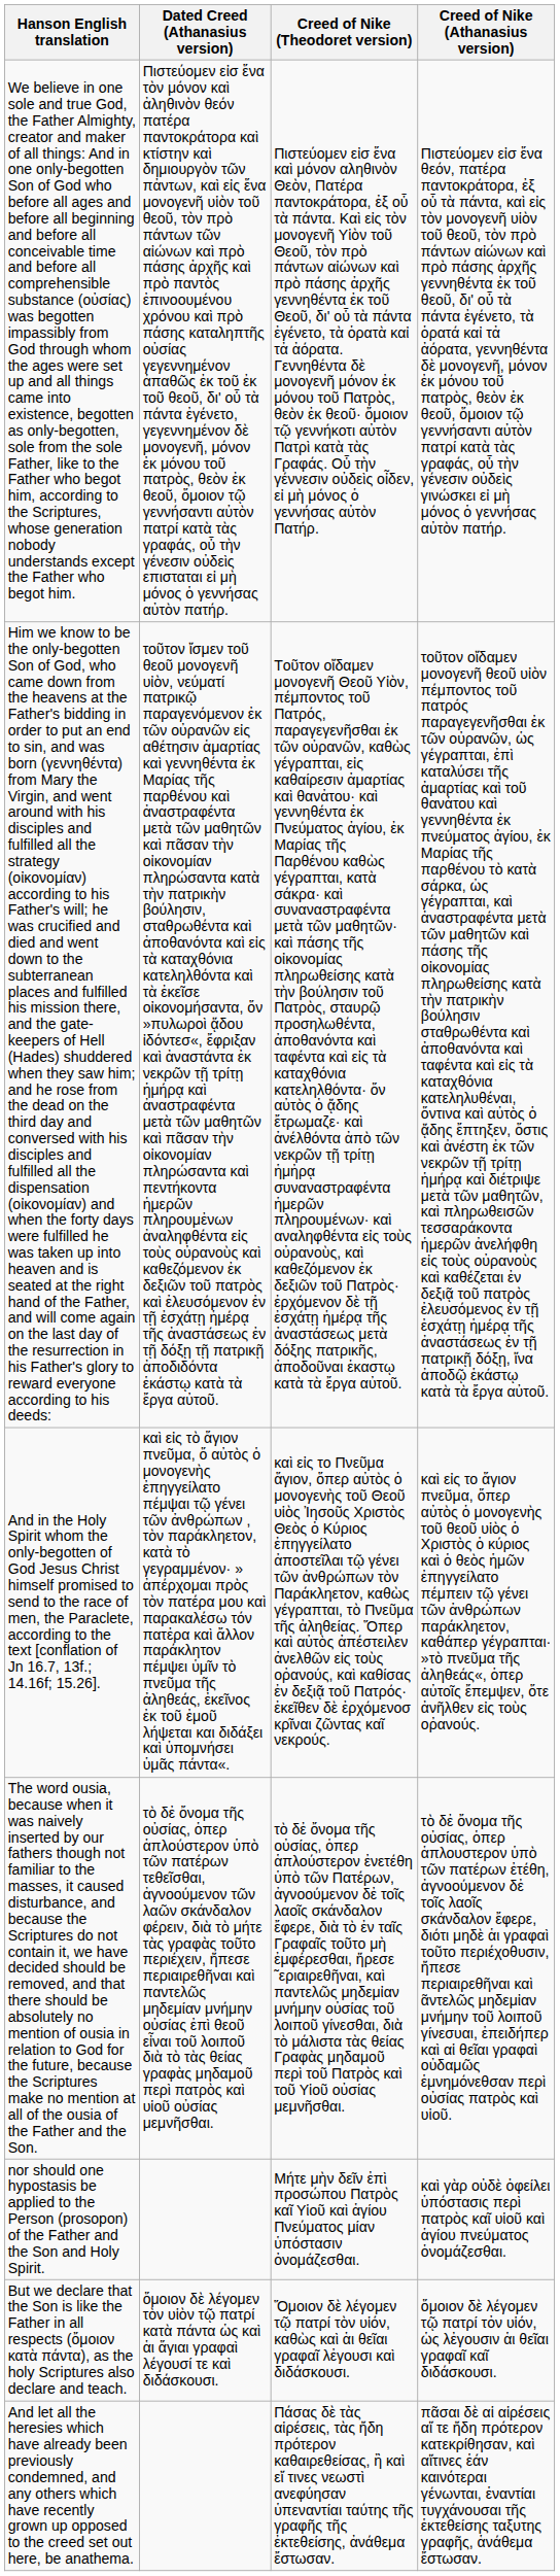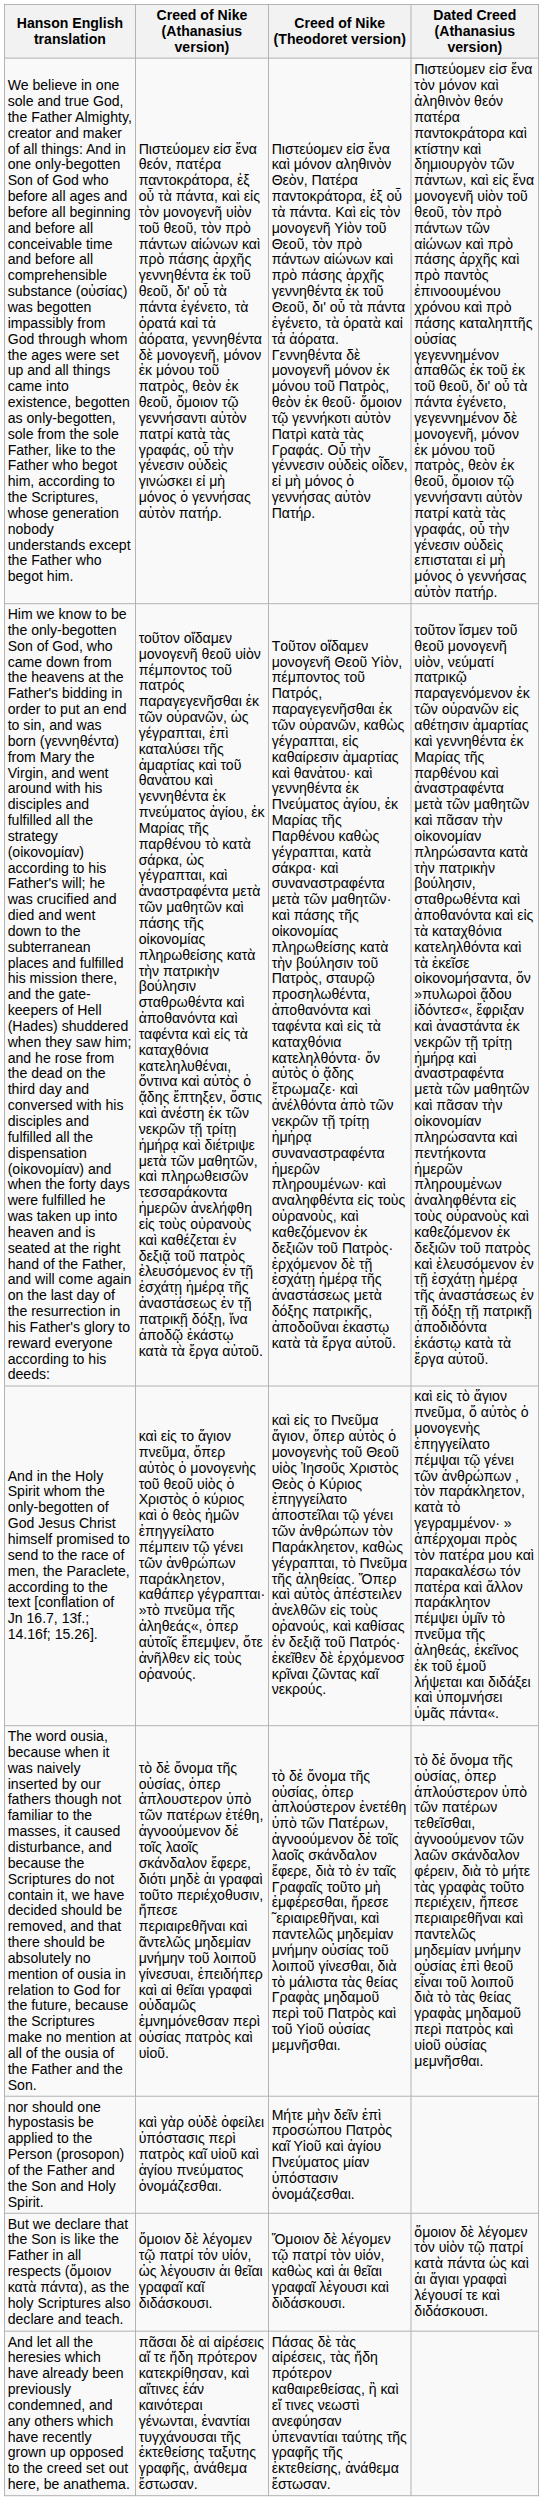 <table class="wikitable">
 <tr>
 <th>Hanson English translation</th>
+<th>Creed of Nike (Athanasius version)</th>
+<th>Creed of Nike (Theodoret version)</th>
 <th>Dated Creed (Athanasius version)</th>
-<th>Creed of Nike (Theodoret version)</th>
-<th>Creed of Nike (Athanasius version)</th>
 </tr>
 <tr>
 <td>We believe in one sole and true God, the Father Almighty, creator and maker of all things: And in one only-begotten Son of God who before all ages and before all beginning and before all conceivable time and before all comprehensible substance (οὐσίας) was begotten impassibly from God through whom the ages were set up and all things came into existence, begotten as only-begotten, sole from the sole Father, like to the Father who begot him, according to the Scriptures, whose generation nobody understands except the Father who begot him.</td>
+<td>Πιστεύομεν εἰσ ἕνα θεόν, πατέρα παντοκράτορα, ἐξ οὗ τὰ πάντα, καὶ εἰς τὸν μονογενῆ υἱὸν τοῦ θεοῦ, τὸν πρὸ πάντων αἰώνων καὶ πρὸ πάσης ἀρχῆς γεννηθέντα ἐκ τοῦ θεοῦ, δι' οὗ τὰ πάντα ἐγένετο, τὰ ὁρατά καἰ τἀ ἀόρατα, γεννηθέντα δὲ μονογενῆ, μόνον ἐκ μόνου τοῦ πατρὸς, θεὸν ἐκ θεοῦ, ὅμοιον τῷ γεννήσαντι αὐτὸν πατρί κατὰ τὰς γραφάς, οὗ τὴν γένεσιν οὐδεὶς γινώσκει εἰ μὴ μόνος ὁ γεννήσας αὐτὸν πατήρ.</td>
+<td>Πιστεύομεν εἰσ ἕνα καὶ μόνον αληθινὸν Θεὸν, Πατέρα παντοκράτορα, ἐξ οὗ τὰ πάντα. Καὶ εἰς τὸν μονογενῆ Υἱὸν τοῦ Θεοῦ, τὸν πρὸ πάντων αἰώνων καὶ πρὸ πάσης ἀρχῆς γεννηθέντα ἐκ τοῦ Θεοῦ, δι' οὗ τὰ πάντα ἐγένετο, τὰ ὁρατὰ καἰ τἀ ἀόρατα. Γεννηθέντα δὲ μονογενῆ μόνον ἐκ μόνoυ τοῦ Πατρὸς, θεὸν ἐκ θεοῦ· ὅμοιον τῷ γεννήκοτι αὐτὸν Πατρὶ κατὰ τὰς Γραφάς. Οὗ τὴν γέννεσιν οὐδεὶς οἶδεν, εἰ μὴ μόνος ὁ γεννήσας αὐτὸν Πατήρ.</td>
 <td>Πιστεύομεν εἰσ ἕνα τὸν μόνον καὶ ἀληθινὸν θεόν πατέρα παντοκράτορα καὶ κτίστην καὶ δημιουργὸν τῶν πἀντων, καὶ εἰς ἕνα μονογενῆ υἱὸν τοῦ θεοῦ, τὸν πρὸ πάντων τῶν αἰώνων καὶ πρὸ πάσης ἀρχῆς καὶ πρὸ παντὸς ἐπινοουμένου χρόνου καὶ πρὸ πάσης καταληπτῆς οὐσίας γεγεννημένον ἀπαθῶς ἐκ τοῦ ἐκ τοῦ θεοῦ, δι' οὗ τὰ πάντα ἐγένετο, γεγεννημένον δὲ μονογενῆ, μόνον ἐκ μόνου τοῦ πατρὸς, θεὸν ἐκ θεοῦ, ὅμοιον τῷ γεννήσαντι αὐτὸν πατρί κατὰ τὰς γραφάς, οὗ τὴν γένεσιν οὐδεὶς επισταται εἰ μὴ μόνος ὁ γεννήσας αὐτὸν πατήρ.</td>
-<td>Πιστεύομεν εἰσ ἕνα καὶ μόνον αληθινὸν Θεὸν, Πατέρα παντοκράτορα, ἐξ οὗ τὰ πάντα. Καὶ εἰς τὸν μονογενῆ Υἱὸν τοῦ Θεοῦ, τὸν πρὸ πάντων αἰώνων καὶ πρὸ πάσης ἀρχῆς γεννηθέντα ἐκ τοῦ Θεοῦ, δι' οὗ τὰ πάντα ἐγένετο, τὰ ὁρατὰ καἰ τἀ ἀόρατα. Γεννηθέντα δὲ μονογενῆ μόνον ἐκ μόνoυ τοῦ Πατρὸς, θεὸν ἐκ θεοῦ· ὅμοιον τῷ γεννήκοτι αὐτὸν Πατρὶ κατὰ τὰς Γραφάς. Οὗ τὴν γέννεσιν οὐδεὶς οἶδεν, εἰ μὴ μόνος ὁ γεννήσας αὐτὸν Πατήρ.</td>
-<td>Πιστεύομεν εἰσ ἕνα θεόν, πατέρα παντοκράτορα, ἐξ οὗ τὰ πάντα, καὶ εἰς τὸν μονογενῆ υἱὸν τοῦ θεοῦ, τὸν πρὸ πάντων αἰώνων καὶ πρὸ πάσης ἀρχῆς γεννηθέντα ἐκ τοῦ θεοῦ, δι' οὗ τὰ πάντα ἐγένετο, τὰ ὁρατά καἰ τἀ ἀόρατα, γεννηθέντα δὲ μονογενῆ, μόνον ἐκ μόνου τοῦ πατρὸς, θεὸν ἐκ θεοῦ, ὅμοιον τῷ γεννήσαντι αὐτὸν πατρί κατὰ τὰς γραφάς, οὗ τὴν γένεσιν οὐδεὶς γινώσκει εἰ μὴ μόνος ὁ γεννήσας αὐτὸν πατήρ.</td>
 </tr>
 <tr>
 <td>Him we know to be the only-begotten Son of God, who came down from the heavens at the Father's bidding in order to put an end to sin, and was born (γεννηθέντα) from Mary the Virgin, and went around with his disciples and fulfilled all the strategy (οἰκονομίαν) according to his Father's will; he was crucified and died and went down to the subterranean places and fulfilled his mission there, and the gate-keepers of Hell (Hades) shuddered when they saw him; and he rose from the dead on the third day and conversed with his disciples and fulfilled all the dispensation (οἰκονομίαν) and when the forty days were fulfilled he was taken up into heaven and is seated at the right hand of the Father, and will come again on the last day of the resurrection in his Father's glory to reward everyone according to his deeds:</td>
+<td>τοῦτον οἴδαμεν μονογενῆ θεοῦ υἰὸν πέμποντος τοῦ πατρός παραγεγενῆσθαι ἐκ τῶν οὐρανῶν, ὡς γέγραπται, ἐπὶ καταλύσει τῆς ἀμαρτίας καὶ τοῦ θανἀτου καὶ γεννηθέντα ἐκ πνεύματος ἀγίου, ἐκ Μαρίας τῆς παρθένου τὸ κατὰ σάρκα, ὠς γέγραπται, καὶ ἀναστραφέντα μετὰ τῶν μαθητῶν καὶ πάσης τῆς οἰκονομίας πληρωθείσης κατὰ τὴν πατρικὴν βούλησιν σταθρωθέντα καὶ ἀποθανόντα καὶ ταφέντα καὶ εἰς τὰ καταχθόνια κατεληλυθέναι, ὅντινα καὶ αὐτὸς ὁ ᾄδης ἔπτηξεν, ὅστις καὶ ἀνέστη ἐκ τῶν νεκρῶν τῇ τρίτῃ ἡμήρᾳ καὶ διέτριψε μετὰ τῶν μαθητῶν, καὶ πληρωθεισῶν τεσσαράκοντα ἡμερῶν ἀνελήφθη εἰς τοὺς οὐρανοὺς καὶ καθέζεται ἐν δεξιᾷ τοῦ πατρὸς ἐλευσόμενος ἐν τῇ ἐσχάτῃ ἡμέρᾳ τῆς ἀναστάσεως ἐν τῇ πατρικῇ δόξῃ, ἵνα ἀποδῷ ἑκάστῳ κατὰ τὰ ἔργα αὐτοῦ.</td>
+<td>Tοῦτον οἴδαμεν μονογενῆ Θεοῦ Υἰὸν, πέμποντος τοῦ Πατρός, παραγεγενῆσθαι ἐκ τῶν οὐρανῶν, καθὼς γέγραπται, εἰς καθαίρεσιν ἀμαρτίας καὶ θανἀτου· καὶ γεννηθέντα ἐκ Πνεύματος ἀγίου, ἐκ Μαρίας τῆς Παρθένου καθὼς γέγραπται, κατὰ σάκρα· καὶ συναναστραφέντα μετὰ τῶν μαθητῶν· καὶ πάσης τῆς οἰκονομίας πληρωθείσης κατὰ τὴν βούλησιν τοῦ Πατρὸς, σταυρῷ προσηλωθέντα, ἀποθανόντα καὶ ταφέντα καὶ εἰς τὰ καταχθόνια κατεληλθόντα· ὅν αὐτὸς ὁ ᾄδης ἔτρωμαζε· καὶ ἀνέλθόντα ἀπὸ τῶν νεκρῶν τῇ τρίτῃ ἡμἠρᾳ συναναστραφέντα ἡμερῶν πληρουμένων· καὶ αναληφθέντα εἰς τοὺς οὐρανοὺς, καὶ καθεζόμενον ἐκ δεξιῶν τοῦ Πατρὸς· ἐρχόμενον δὲ τῇ ἐσχάτῃ ἡμέρᾳ τῆς ἀναστάσεως μετὰ δόξης πατρικῆς, ἀποδοῦναι ἑκαστῳ κατὰ τὰ ἔργα αὐτοῦ.</td>
 <td>τοῦτον ἴσμεν τοῦ θεοῦ μονογενῆ υἰὸν, νεύματί πατρικῷ παραγενόμενον ἐκ τῶν οὐρανῶν εἰς αθέτησιν ἁμαρτίας καὶ γεννηθέντα ἐκ Μαρίας τῆς παρθένου καὶ ἀναστραφέντα μετὰ τῶν μαθητῶν καὶ πᾶσαν τὴν οἰκονομίαν πληρώσαντα κατὰ τὴν πατρικὴν βούλησιν, σταθρωθέντα καὶ ἀποθανόντα καὶ εἰς τὰ καταχθόνια κατεληλθόντα καὶ τὰ ἐκεῖσε οἰκονομήσαντα, ὅν »πυλωροὶ ᾅδου ἰδόντεσ«, ἔφριξαν καὶ ἀναστάντα ἐκ νεκρῶν τῇ τρίτῃ ἡμήρᾳ καὶ ἀναστραφέντα μετὰ τῶν μαθητῶν καὶ πᾶσαν τὴν οἰκονομίαν πληρώσαντα καὶ πεντήκοντα ἡμερῶν πληρουμἐνων ἀναληφθέντα εἰς τοὺς οὐρανοὺς καὶ καθεζόμενον ἐκ δεξιῶν τοῦ πατρὸς καὶ ἐλευσόμενον ἐν τῇ ἐσχάτῃ ἡμέρᾳ τῆς ἀναστάσεως ἐν τῇ δόξῃ τῇ πατρικῇ ἀποδιδόντα ἑκάστῳ κατὰ τὰ ἔργα αὐτοῦ.</td>
-<td>Tοῦτον οἴδαμεν μονογενῆ Θεοῦ Υἰὸν, πέμποντος τοῦ Πατρός, παραγεγενῆσθαι ἐκ τῶν οὐρανῶν, καθὼς γέγραπται, εἰς καθαίρεσιν ἀμαρτίας καὶ θανἀτου· καὶ γεννηθέντα ἐκ Πνεύματος ἀγίου, ἐκ Μαρίας τῆς Παρθένου καθὼς γέγραπται, κατὰ σάκρα· καὶ συναναστραφέντα μετὰ τῶν μαθητῶν· καὶ πάσης τῆς οἰκονομίας πληρωθείσης κατὰ τὴν βούλησιν τοῦ Πατρὸς, σταυρῷ προσηλωθέντα, ἀποθανόντα καὶ ταφέντα καὶ εἰς τὰ καταχθόνια κατεληλθόντα· ὅν αὐτὸς ὁ ᾄδης ἔτρωμαζε· καὶ ἀνέλθόντα ἀπὸ τῶν νεκρῶν τῇ τρίτῃ ἡμἠρᾳ συναναστραφέντα ἡμερῶν πληρουμένων· καὶ αναληφθέντα εἰς τοὺς οὐρανοὺς, καὶ καθεζόμενον ἐκ δεξιῶν τοῦ Πατρὸς· ἐρχόμενον δὲ τῇ ἐσχάτῃ ἡμέρᾳ τῆς ἀναστάσεως μετὰ δόξης πατρικῆς, ἀποδοῦναι ἑκαστῳ κατὰ τὰ ἔργα αὐτοῦ.</td>
-<td>τοῦτον οἴδαμεν μονογενῆ θεοῦ υἰὸν πέμποντος τοῦ πατρός παραγεγενῆσθαι ἐκ τῶν οὐρανῶν, ὡς γέγραπται, ἐπὶ καταλύσει τῆς ἀμαρτίας καὶ τοῦ θανἀτου καὶ γεννηθέντα ἐκ πνεύματος ἀγίου, ἐκ Μαρίας τῆς παρθένου τὸ κατὰ σάρκα, ὠς γέγραπται, καὶ ἀναστραφέντα μετὰ τῶν μαθητῶν καὶ πάσης τῆς οἰκονομίας πληρωθείσης κατὰ τὴν πατρικὴν βούλησιν σταθρωθέντα καὶ ἀποθανόντα καὶ ταφέντα καὶ εἰς τὰ καταχθόνια κατεληλυθέναι, ὅντινα καὶ αὐτὸς ὁ ᾄδης ἔπτηξεν, ὅστις καὶ ἀνέστη ἐκ τῶν νεκρῶν τῇ τρίτῃ ἡμήρᾳ καὶ διέτριψε μετὰ τῶν μαθητῶν, καὶ πληρωθεισῶν τεσσαράκοντα ἡμερῶν ἀνελήφθη εἰς τοὺς οὐρανοὺς καὶ καθέζεται ἐν δεξιᾷ τοῦ πατρὸς ἐλευσόμενος ἐν τῇ ἐσχάτῃ ἡμέρᾳ τῆς ἀναστάσεως ἐν τῇ πατρικῇ δόξῃ, ἵνα ἀποδῷ ἑκάστῳ κατὰ τὰ ἔργα αὐτοῦ.</td>
 </tr>
 <tr>
 <td>And in the Holy Spirit whom the only-begotten of God Jesus Christ himself promised to send to the race of men, the Paraclete, according to the text [conflation of Jn 16.7, 13f.; 14.16f; 15.26].</td>
+<td>καὶ εἰς το ἅγιον πνεῦμα, ὅπερ αὐτὸς ὁ μονογενὴς τοῦ θεοῦ υἱὸς ὁ Χριστὸς ὁ κύριος καὶ ὁ θεὸς ἡμῶν ἐπηγγείλατο πέμπειν τῷ γένει τῶν ἀνθρώπων παράκληετον, καθάπερ γέγραπται· »τὸ πνεῦμα τῆς ἀληθεάς«, ὁπερ αὐτοῖς ἔπεμψεν, ὅτε ἀνῆλθεν εἰς τοὺς οῤανούς.</td>
+<td>καὶ εἰς το Πνεῦμα ἅγιον, ὅπερ αὐτὸς ὁ μονογενὴς τοῦ Θεοῦ υἱὸς Ἰησοῦς Χριστὸς Θεὸς ὁ Κύριος ἐπηγγείλατο ἀποστεῖλαι τῷ γένει τῶν ἀνθρώπων τὸν Παράκληετον, καθὼς γέγραπται, τὸ Πνεῦμα τῆς ἀληθείας. Ὅπερ καὶ αὐτὸς ἀπέστειλεν ἀνελθῶν εἰς τοὺς οῤανούς, καὶ καθίσας ἐν δεξιᾷ τοῦ Πατρός· ἐκεῖθεν δὲ ἐρχόμενοσ κρῖναι ζῶντας καῖ νεκρούς.</td>
 <td>καὶ εἰς τὸ ἅγιον πνεῦμα, ὅ αὐτὸς ὁ μονογενὴς ἐπηγγείλατο πέμψαι τῷ γένει τῶν ἀνθρώπων , τὸν παράκληετον, κατὰ τὸ γεγραμμένον· » ἀπέρχομαι πρὸς τὸν πατέρα μου καὶ παρακαλέσω τόν πατἐρα καὶ ἄλλον παράκλητον πέμψει ὑμῖν τὸ πνεῦμα τῆς ἀληθεάς, ἐκεῖνος ἐκ τοῦ ἐμοῦ λήψεται και διδάξει καὶ ὑπομνήσει ὑμᾶς πάντα«.</td>
-<td>καὶ εἰς το Πνεῦμα ἅγιον, ὅπερ αὐτὸς ὁ μονογενὴς τοῦ Θεοῦ υἱὸς Ἰησοῦς Χριστὸς Θεὸς ὁ Κύριος ἐπηγγείλατο ἀποστεῖλαι τῷ γένει τῶν ἀνθρώπων τὸν Παράκληετον, καθὼς γέγραπται, τὸ Πνεῦμα τῆς ἀληθείας. Ὅπερ καὶ αὐτὸς ἀπέστειλεν ἀνελθῶν εἰς τοὺς οῤανούς, καὶ καθίσας ἐν δεξιᾷ τοῦ Πατρός· ἐκεῖθεν δὲ ἐρχόμενοσ κρῖναι ζῶντας καῖ νεκρούς.</td>
-<td>καὶ εἰς το ἅγιον πνεῦμα, ὅπερ αὐτὸς ὁ μονογενὴς τοῦ θεοῦ υἱὸς ὁ Χριστὸς ὁ κύριος καὶ ὁ θεὸς ἡμῶν ἐπηγγείλατο πέμπειν τῷ γένει τῶν ἀνθρώπων παράκληετον, καθάπερ γέγραπται· »τὸ πνεῦμα τῆς ἀληθεάς«, ὁπερ αὐτοῖς ἔπεμψεν, ὅτε ἀνῆλθεν εἰς τοὺς οῤανούς.</td>
 </tr>
 <tr>
 <td>The word ousia, because when it was naively inserted by our fathers though not familiar to the masses, it caused disturbance, and because the Scriptures do not contain it, we have decided should be removed, and that there should be absolutely no mention of ousia in relation to God for the future, because the Scriptures make no mention at all of the ousia  of the Father and the Son.</td>
+<td>τὸ δἐ ὄνομα τῆς οὐσίας, ὁπερ ἁπλουστερον ὑπὸ τῶν πατέρων ἐτέθη, ἀγνοούμενον δἐ τοῖς λαοῖς σκάνδαλον ἔφερε, διότι μηδὲ ἁι γραφαὶ τοῦτο περιέχοθυσιν, ἤπεσε περιαιρεθῆναι καὶ ᾶντελῶς μηδεμἰαν μνήμην τοῦ λοιποῦ γίνεσυαι, ἐπειδήπερ καὶ αἱ θεῖαι γραφαὶ οὐδαμῶς ἑμνημόνεθσαν περὶ οὐσίας πατρὸς καὶ υἱοῦ.</td>
+<td>τὸ δἐ ὄνομα τῆς οὐσίας, ὁπερ ἁπλούστερον ἐνετέθη ὑπὸ τῶν Πατέρων, ἀγνοούμενον δἐ τοῖς λαοῖς σκάνδαλον ἔφερε, διὰ τὸ ἐν ταῖς Γραφαῖς τοῦτο μὴ ἐμφέρεσθαι, ἥρεσε ῀εριαιρεθῆναι, καὶ παντελῶς μηδεμἰαν μνήμην οὐσίας τοῦ λοιποῦ γίνεσθαι, διὰ τὸ μάλιστα τὰς θείας Γραφὰς μηδαμοῦ περὶ τοῦ Πατρὸς καὶ τοῦ Υἱοῦ οὐσίας μεμνῆσθαι.</td>
 <td>τὸ δἐ ὄνομα τῆς οὐσίας, ὁπερ ἁπλούστερον ὑπὸ τῶν πατέρων τεθεῖσθαι, ἀγνοούμενον τῶν λαῶν σκάνδαλον φέρειν, διὰ τὸ μήτε τὰς γραφὰς τοῦτο περιέχειν, ἤπεσε περιαιρεθῆναι καὶ παντελῶς μηδεμίαν μνήμην οὐσίας ἐπὶ θεοῦ εἶναι τοῦ λοιποῦ διὰ τὸ τὰς θείας γραφὰς μηδαμοῦ περὶ πατρὸς καὶ υἱοῦ oὐσίας μεμνῆσθαι.</td>
-<td>τὸ δἐ ὄνομα τῆς οὐσίας, ὁπερ ἁπλούστερον ἐνετέθη ὑπὸ τῶν Πατέρων, ἀγνοούμενον δἐ τοῖς λαοῖς σκάνδαλον ἔφερε, διὰ τὸ ἐν ταῖς Γραφαῖς τοῦτο μὴ ἐμφέρεσθαι, ἥρεσε ῀εριαιρεθῆναι, καὶ παντελῶς μηδεμἰαν μνήμην οὐσίας τοῦ λοιποῦ γίνεσθαι, διὰ τὸ μάλιστα τὰς θείας Γραφὰς μηδαμοῦ περὶ τοῦ Πατρὸς καὶ τοῦ Υἱοῦ οὐσίας μεμνῆσθαι.</td>
-<td>τὸ δἐ ὄνομα τῆς οὐσίας, ὁπερ ἁπλουστερον ὑπὸ τῶν πατέρων ἐτέθη, ἀγνοούμενον δἐ τοῖς λαοῖς σκάνδαλον ἔφερε, διότι μηδὲ ἁι γραφαὶ τοῦτο περιέχοθυσιν, ἤπεσε περιαιρεθῆναι καὶ ᾶντελῶς μηδεμἰαν μνήμην τοῦ λοιποῦ γίνεσυαι, ἐπειδήπερ καὶ αἱ θεῖαι γραφαὶ οὐδαμῶς ἑμνημόνεθσαν περὶ οὐσίας πατρὸς καὶ υἱοῦ.</td>
 </tr>
 <tr>
 <td>nor should one hypostasis be applied to the Person (prosopon) of the Father and the Son and Holy Spirit.</td>
+<td>καὶ γὰρ οὐδὲ ὀφείλει ὑπόστασις περὶ πατρὸς καῖ υἱοῦ καὶ ἁγίου πνεύματος ὁνομάζεσθαι.</td>
+<td>Μήτε μὴν δεῖν ἐπὶ προσώπου Πατρὸς καῖ Υἱοῦ καὶ ἁγίου Πνεύματος μίαν ὑπόστασιν ὀνομάζεσθαι.</td>
 <td></td>
-<td>Μήτε μὴν δεῖν ἐπὶ προσώπου Πατρὸς καῖ Υἱοῦ καὶ ἁγίου Πνεύματος μίαν ὑπόστασιν ὀνομάζεσθαι.</td>
-<td>καὶ γὰρ οὐδὲ ὀφείλει ὑπόστασις περὶ πατρὸς καῖ υἱοῦ καὶ ἁγίου πνεύματος ὁνομάζεσθαι.</td>
 </tr>
 <tr>
 <td>But we declare that the Son is like the Father in all respects (ὄμοιον κατὰ πάντα), as the holy Scriptures also declare and teach.</td>
+<td>ὅμοιον δὲ λέγομεν τῷ πατρί τὀν υἱόν, ὡς λἐγουσιν ἁι θεῖαι γραφαῖ καῖ διδάσκουσι.</td>
+<td>Ὅμοιον δὲ λέγομεν τῷ πατρί τὸν υἱόν, καθὼς καὶ ἁι θεῖαι γραφαῖ λἐγουσι καὶ διδάσκουσι.</td>
 <td>ὅμοιον δὲ λέγομεν τὸν υἱὸν τῷ πατρί κατὰ πάντα ὡς καὶ ἁι ἅγιαι γραφαὶ λέγουσί τε καὶ διδάσκουσι.</td>
-<td>Ὅμοιον δὲ λέγομεν τῷ πατρί τὸν υἱόν, καθὼς καὶ ἁι θεῖαι γραφαῖ λἐγουσι καὶ διδάσκουσι.</td>
-<td>ὅμοιον δὲ λέγομεν τῷ πατρί τὀν υἱόν, ὡς λἐγουσιν ἁι θεῖαι γραφαῖ καῖ διδάσκουσι.</td>
 </tr>
 <tr>
 <td>And let all the heresies which have already been previously condemned, and any others which have recently grown up opposed to the creed set out here, be anathema.</td>
+<td>πᾶσαι δὲ αἱ αἱρέσεις αἵ τε ἤδη πρότερον κατεκρίθησαν, καὶ αἵτινες ἑάν καινότεραι γένωνται, ἑναντίαι τυγχάνουσαι τῆς ἑκτεθείσης ταξυτης γραφῆς, ἁνάθεμα ἔστωσαν.</td>
+<td>Πάσας δὲ τὰς αἱρέσεις, τὰς ἤδη πρότερον καθαιρεθείσας, ἢ καὶ εἴ τινες νεωστὶ ανεφύησαν ὑπεναντίαι ταύτης τῆς γραφῆς τῆς ἐκτεθείσης, ἀνάθεμα ἔστωσαν.</td>
 <td></td>
-<td>Πάσας δὲ τὰς αἱρέσεις, τὰς ἤδη πρότερον καθαιρεθείσας, ἢ καὶ εἴ τινες νεωστὶ ανεφύησαν ὑπεναντίαι ταύτης τῆς γραφῆς τῆς ἐκτεθείσης, ἀνάθεμα ἔστωσαν.</td>
-<td>πᾶσαι δὲ αἱ αἱρέσεις αἵ τε ἤδη πρότερον κατεκρίθησαν, καὶ αἵτινες ἑάν καινότεραι γένωνται, ἑναντίαι τυγχάνουσαι τῆς ἑκτεθείσης ταξυτης γραφῆς, ἁνάθεμα ἔστωσαν.</td>
 </tr>
 </table>
